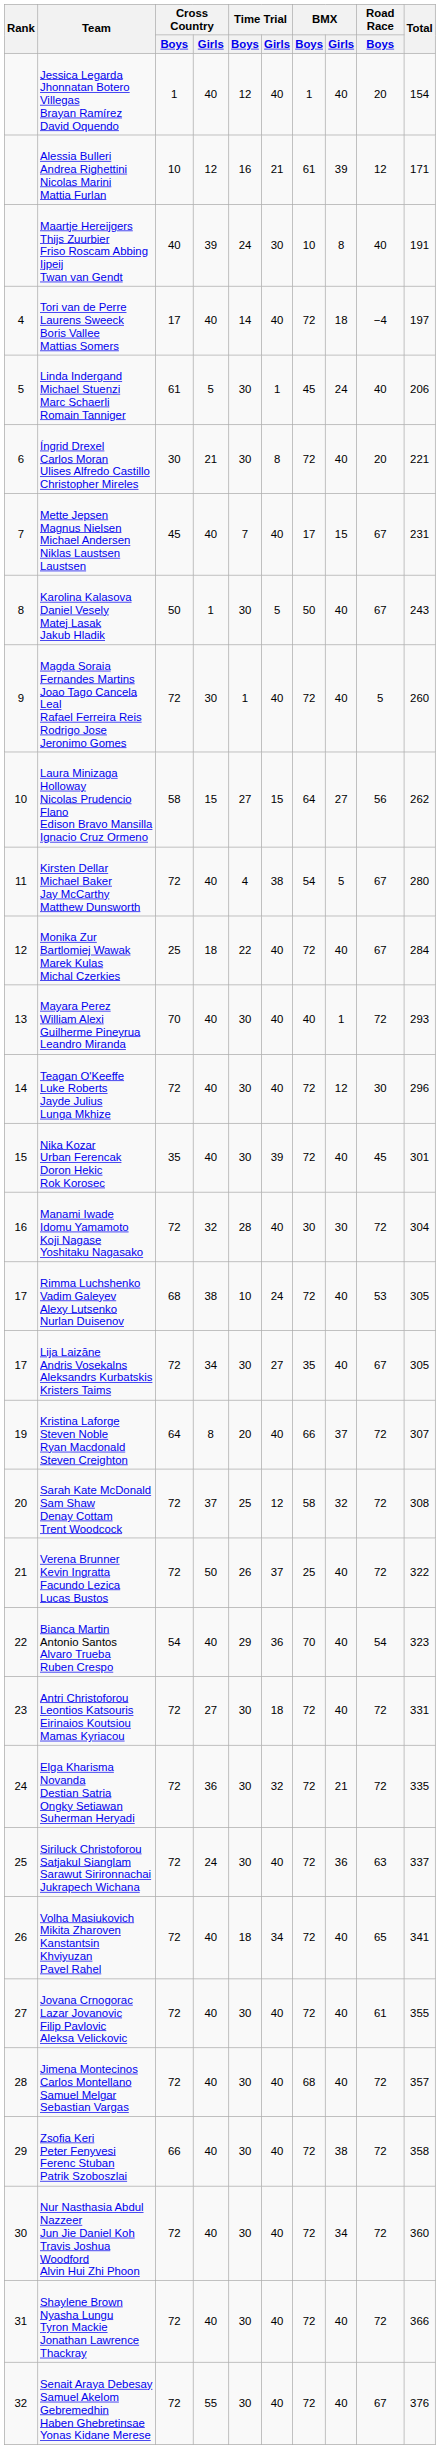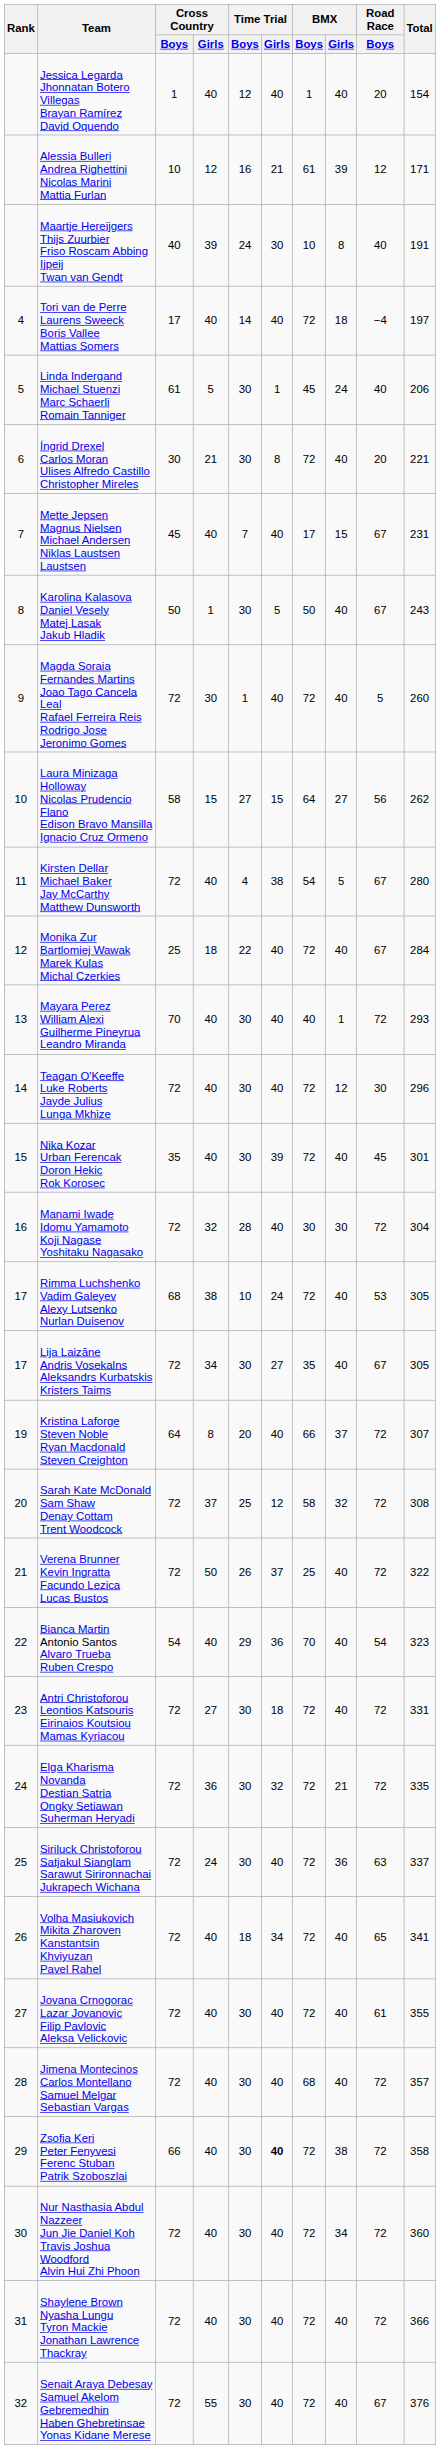 <table class="wikitable" style="text-align:center">
 <tr>
 <th rowspan=2>Rank</th>
 <th rowspan=2>Team</th>
 <th colspan=2>Cross Country</th>
 <th colspan=2>Time Trial</th>
 <th colspan=2>BMX</th>
 <th>Road Race</th>
 <th rowspan=2>Total</th>
 </tr>
 <tr>
 <th><a href='#'>Boys</a></th>
 <th><a href='#'>Girls</a></th>
 <th><a href='#'>Boys</a></th>
 <th><a href='#'>Girls</a></th>
 <th><a href='#'>Boys</a></th>
 <th><a href='#'>Girls</a></th>
 <th><a href='#'>Boys</a></th>
 </tr>
 <tr>
 <td></td>
 <td align=left><br><a href='#'>Jessica Legarda</a><br><a href='#'>Jhonnatan Botero Villegas</a><br><a href='#'>Brayan Ramírez</a><br><a href='#'>David Oquendo</a></td>
 <td>1</td>
 <td>40</td>
 <td>12</td>
 <td>40</td>
 <td>1</td>
 <td>40</td>
 <td>20</td>
 <td>154</td>
 </tr>
 <tr>
 <td></td>
 <td align=left><br><a href='#'>Alessia Bulleri</a><br><a href='#'>Andrea Righettini</a><br><a href='#'>Nicolas Marini</a><br><a href='#'>Mattia Furlan</a></td>
 <td>10</td>
 <td>12</td>
 <td>16</td>
 <td>21</td>
 <td>61</td>
 <td>39</td>
 <td>12</td>
 <td>171</td>
 </tr>
 <tr>
 <td></td>
 <td align=left><br><a href='#'>Maartje Hereijgers</a><br><a href='#'>Thijs Zuurbier</a><br><a href='#'>Friso Roscam Abbing Ijpeij</a><br><a href='#'>Twan van Gendt</a></td>
 <td>40</td>
 <td>39</td>
 <td>24</td>
 <td>30</td>
 <td>10</td>
 <td>8</td>
 <td>40</td>
 <td>191</td>
 </tr>
 <tr>
 <td>4</td>
 <td align=left><br><a href='#'>Tori van de Perre</a><br><a href='#'>Laurens Sweeck</a><br><a href='#'>Boris Vallee</a><br><a href='#'>Mattias Somers</a></td>
 <td>17</td>
 <td>40</td>
 <td>14</td>
 <td>40</td>
 <td>72</td>
 <td>18</td>
 <td>−4</td>
 <td>197</td>
 </tr>
 <tr>
 <td>5</td>
 <td align=left><br><a href='#'>Linda Indergand</a><br><a href='#'>Michael Stuenzi</a><br><a href='#'>Marc Schaerli</a><br><a href='#'>Romain Tanniger</a></td>
 <td>61</td>
 <td>5</td>
 <td>30</td>
 <td>1</td>
 <td>45</td>
 <td>24</td>
 <td>40</td>
 <td>206</td>
 </tr>
 <tr>
 <td>6</td>
 <td align=left><br><a href='#'>Íngrid Drexel</a><br><a href='#'>Carlos Moran</a><br><a href='#'>Ulises Alfredo Castillo</a><br><a href='#'>Christopher Mireles</a></td>
 <td>30</td>
 <td>21</td>
 <td>30</td>
 <td>8</td>
 <td>72</td>
 <td>40</td>
 <td>20</td>
 <td>221</td>
 </tr>
 <tr>
 <td>7</td>
 <td align=left><br><a href='#'>Mette Jepsen</a><br><a href='#'>Magnus Nielsen</a><br><a href='#'>Michael Andersen</a><br><a href='#'>Niklas Laustsen Laustsen</a></td>
 <td>45</td>
 <td>40</td>
 <td>7</td>
 <td>40</td>
 <td>17</td>
 <td>15</td>
 <td>67</td>
 <td>231</td>
 </tr>
 <tr>
 <td>8</td>
 <td align=left><br><a href='#'>Karolina Kalasova</a><br><a href='#'>Daniel Vesely</a><br><a href='#'>Matej Lasak</a><br><a href='#'>Jakub Hladik</a></td>
 <td>50</td>
 <td>1</td>
 <td>30</td>
 <td>5</td>
 <td>50</td>
 <td>40</td>
 <td>67</td>
 <td>243</td>
 </tr>
 <tr>
 <td>9</td>
 <td align=left><br><a href='#'>Magda Soraia Fernandes Martins</a><br><a href='#'>Joao Tago Cancela Leal</a><br><a href='#'>Rafael Ferreira Reis</a><br><a href='#'>Rodrigo Jose Jeronimo Gomes</a></td>
 <td>72</td>
 <td>30</td>
 <td>1</td>
 <td>40</td>
 <td>72</td>
 <td>40</td>
 <td>5</td>
 <td>260</td>
 </tr>
 <tr>
 <td>10</td>
 <td align=left><br><a href='#'>Laura Minizaga Holloway</a><br><a href='#'>Nicolas Prudencio Flano</a><br><a href='#'>Edison Bravo Mansilla</a><br><a href='#'>Ignacio Cruz Ormeno</a></td>
 <td>58</td>
 <td>15</td>
 <td>27</td>
 <td>15</td>
 <td>64</td>
 <td>27</td>
 <td>56</td>
 <td>262</td>
 </tr>
 <tr>
 <td>11</td>
 <td align=left><br><a href='#'>Kirsten Dellar</a><br><a href='#'>Michael Baker</a><br><a href='#'>Jay McCarthy</a><br><a href='#'>Matthew Dunsworth</a></td>
 <td>72</td>
 <td>40</td>
 <td>4</td>
 <td>38</td>
 <td>54</td>
 <td>5</td>
 <td>67</td>
 <td>280</td>
 </tr>
 <tr>
 <td>12</td>
 <td align=left><br><a href='#'>Monika Zur</a><br><a href='#'>Bartlomiej Wawak</a><br><a href='#'>Marek Kulas</a><br><a href='#'>Michal Czerkies</a></td>
 <td>25</td>
 <td>18</td>
 <td>22</td>
 <td>40</td>
 <td>72</td>
 <td>40</td>
 <td>67</td>
 <td>284</td>
 </tr>
 <tr>
 <td>13</td>
 <td align=left><br><a href='#'>Mayara Perez</a><br><a href='#'>William Alexi</a><br><a href='#'>Guilherme Pineyrua</a><br><a href='#'>Leandro Miranda</a></td>
 <td>70</td>
 <td>40</td>
 <td>30</td>
 <td>40</td>
 <td>40</td>
 <td>1</td>
 <td>72</td>
 <td>293</td>
 </tr>
 <tr>
 <td>14</td>
 <td align=left><br><a href='#'>Teagan O'Keeffe</a><br><a href='#'>Luke Roberts</a><br><a href='#'>Jayde Julius</a><br><a href='#'>Lunga Mkhize</a></td>
 <td>72</td>
 <td>40</td>
 <td>30</td>
 <td>40</td>
 <td>72</td>
 <td>12</td>
 <td>30</td>
 <td>296</td>
 </tr>
 <tr>
 <td>15</td>
 <td align=left><br><a href='#'>Nika Kozar</a><br><a href='#'>Urban Ferencak</a><br><a href='#'>Doron Hekic</a><br><a href='#'>Rok Korosec</a></td>
 <td>35</td>
 <td>40</td>
 <td>30</td>
 <td>39</td>
 <td>72</td>
 <td>40</td>
 <td>45</td>
 <td>301</td>
 </tr>
 <tr>
 <td>16</td>
 <td align=left><br><a href='#'>Manami Iwade</a><br><a href='#'>Idomu Yamamoto</a><br><a href='#'>Koji Nagase</a><br><a href='#'>Yoshitaku Nagasako</a></td>
 <td>72</td>
 <td>32</td>
 <td>28</td>
 <td>40</td>
 <td>30</td>
 <td>30</td>
 <td>72</td>
 <td>304</td>
 </tr>
 <tr>
 <td>17</td>
 <td align=left><br><a href='#'>Rimma Luchshenko</a><br><a href='#'>Vadim Galeyev</a><br><a href='#'>Alexy Lutsenko</a><br><a href='#'>Nurlan Duisenov</a></td>
 <td>68</td>
 <td>38</td>
 <td>10</td>
 <td>24</td>
 <td>72</td>
 <td>40</td>
 <td>53</td>
 <td>305</td>
 </tr>
 <tr>
 <td>17</td>
 <td align=left><br><a href='#'>Lija Laizāne</a><br><a href='#'>Andris Vosekalns</a><br><a href='#'>Aleksandrs Kurbatskis</a><br><a href='#'>Kristers Taims</a></td>
 <td>72</td>
 <td>34</td>
 <td>30</td>
 <td>27</td>
 <td>35</td>
 <td>40</td>
 <td>67</td>
 <td>305</td>
 </tr>
 <tr>
 <td>19</td>
 <td align=left><br><a href='#'>Kristina Laforge</a><br><a href='#'>Steven Noble</a><br><a href='#'>Ryan Macdonald</a><br><a href='#'>Steven Creighton</a></td>
 <td>64</td>
 <td>8</td>
 <td>20</td>
 <td>40</td>
 <td>66</td>
 <td>37</td>
 <td>72</td>
 <td>307</td>
 </tr>
 <tr>
 <td>20</td>
 <td align=left><br><a href='#'>Sarah Kate McDonald</a><br><a href='#'>Sam Shaw</a><br><a href='#'>Denay Cottam</a><br><a href='#'>Trent Woodcock</a></td>
 <td>72</td>
 <td>37</td>
 <td>25</td>
 <td>12</td>
 <td>58</td>
 <td>32</td>
 <td>72</td>
 <td>308</td>
 </tr>
 <tr>
 <td>21</td>
 <td align=left><br><a href='#'>Verena Brunner</a><br><a href='#'>Kevin Ingratta</a><br><a href='#'>Facundo Lezica</a><br><a href='#'>Lucas Bustos</a></td>
 <td>72</td>
 <td>50</td>
 <td>26</td>
 <td>37</td>
 <td>25</td>
 <td>40</td>
 <td>72</td>
 <td>322</td>
 </tr>
 <tr>
 <td>22</td>
 <td align=left><br><a href='#'>Bianca Martin</a><br>Antonio Santos<br><a href='#'>Alvaro Trueba</a><br><a href='#'>Ruben Crespo</a></td>
 <td>54</td>
 <td>40</td>
 <td>29</td>
 <td>36</td>
 <td>70</td>
 <td>40</td>
 <td>54</td>
 <td>323</td>
 </tr>
 <tr>
 <td>23</td>
 <td align=left><br><a href='#'>Antri Christoforou</a><br><a href='#'>Leontios Katsouris</a><br><a href='#'>Eirinaios Koutsiou</a><br><a href='#'>Mamas Kyriacou</a></td>
 <td>72</td>
 <td>27</td>
 <td>30</td>
 <td>18</td>
 <td>72</td>
 <td>40</td>
 <td>72</td>
 <td>331</td>
 </tr>
 <tr>
 <td>24</td>
 <td align=left><br><a href='#'>Elga Kharisma Novanda</a><br><a href='#'>Destian Satria</a><br><a href='#'>Ongky Setiawan</a><br><a href='#'>Suherman Heryadi</a></td>
 <td>72</td>
 <td>36</td>
 <td>30</td>
 <td>32</td>
 <td>72</td>
 <td>21</td>
 <td>72</td>
 <td>335</td>
 </tr>
 <tr>
 <td>25</td>
 <td align=left><br><a href='#'>Siriluck Christoforou</a><br><a href='#'>Satjakul Sianglam</a><br><a href='#'>Sarawut Sirironnachai</a><br><a href='#'>Jukrapech Wichana</a></td>
 <td>72</td>
 <td>24</td>
 <td>30</td>
 <td>40</td>
 <td>72</td>
 <td>36</td>
 <td>63</td>
 <td>337</td>
 </tr>
 <tr>
 <td>26</td>
 <td align=left><br><a href='#'>Volha Masiukovich</a><br><a href='#'>Mikita Zharoven</a><br><a href='#'>Kanstantsin Khviyuzan</a><br><a href='#'>Pavel Rahel</a></td>
 <td>72</td>
 <td>40</td>
 <td>18</td>
 <td>34</td>
 <td>72</td>
 <td>40</td>
 <td>65</td>
 <td>341</td>
 </tr>
 <tr>
 <td>27</td>
 <td align=left><br><a href='#'>Jovana Crnogorac</a><br><a href='#'>Lazar Jovanovic</a><br><a href='#'>Filip Pavlovic</a><br><a href='#'>Aleksa Velickovic</a></td>
 <td>72</td>
 <td>40</td>
 <td>30</td>
 <td>40</td>
 <td>72</td>
 <td>40</td>
 <td>61</td>
 <td>355</td>
 </tr>
 <tr>
 <td>28</td>
 <td align=left><br><a href='#'>Jimena Montecinos</a><br><a href='#'>Carlos Montellano</a><br><a href='#'>Samuel Melgar</a><br><a href='#'>Sebastian Vargas</a></td>
 <td>72</td>
 <td>40</td>
 <td>30</td>
 <td>40</td>
 <td>68</td>
 <td>40</td>
 <td>72</td>
 <td>357</td>
 </tr>
 <tr>
 <td>29</td>
 <td align=left><br><a href='#'>Zsofia Keri</a><br><a href='#'>Peter Fenyvesi</a><br><a href='#'>Ferenc Stuban</a><br><a href='#'>Patrik Szoboszlai</a></td>
 <td>66</td>
 <td>40</td>
 <td>30</td>
-<td>40</td>
+<td><strong>40</strong></td>
 <td>72</td>
 <td>38</td>
 <td>72</td>
 <td>358</td>
 </tr>
 <tr>
 <td>30</td>
 <td align=left><br><a href='#'>Nur Nasthasia Abdul Nazzeer</a><br><a href='#'>Jun Jie Daniel Koh</a><br><a href='#'>Travis Joshua Woodford</a><br><a href='#'>Alvin Hui Zhi Phoon</a></td>
 <td>72</td>
 <td>40</td>
 <td>30</td>
 <td>40</td>
 <td>72</td>
 <td>34</td>
 <td>72</td>
 <td>360</td>
 </tr>
 <tr>
 <td>31</td>
 <td align=left><br><a href='#'>Shaylene Brown</a><br><a href='#'>Nyasha Lungu</a><br><a href='#'>Tyron Mackie</a><br><a href='#'>Jonathan Lawrence Thackray</a></td>
 <td>72</td>
 <td>40</td>
 <td>30</td>
 <td>40</td>
 <td>72</td>
 <td>40</td>
 <td>72</td>
 <td>366</td>
 </tr>
 <tr>
 <td>32</td>
 <td align=left><br><a href='#'>Senait Araya Debesay</a><br><a href='#'>Samuel Akelom Gebremedhin</a><br><a href='#'>Haben Ghebretinsae</a><br><a href='#'>Yonas Kidane Merese</a></td>
 <td>72</td>
 <td>55</td>
 <td>30</td>
 <td>40</td>
 <td>72</td>
 <td>40</td>
 <td>67</td>
 <td>376</td>
 </tr>
 </table>
